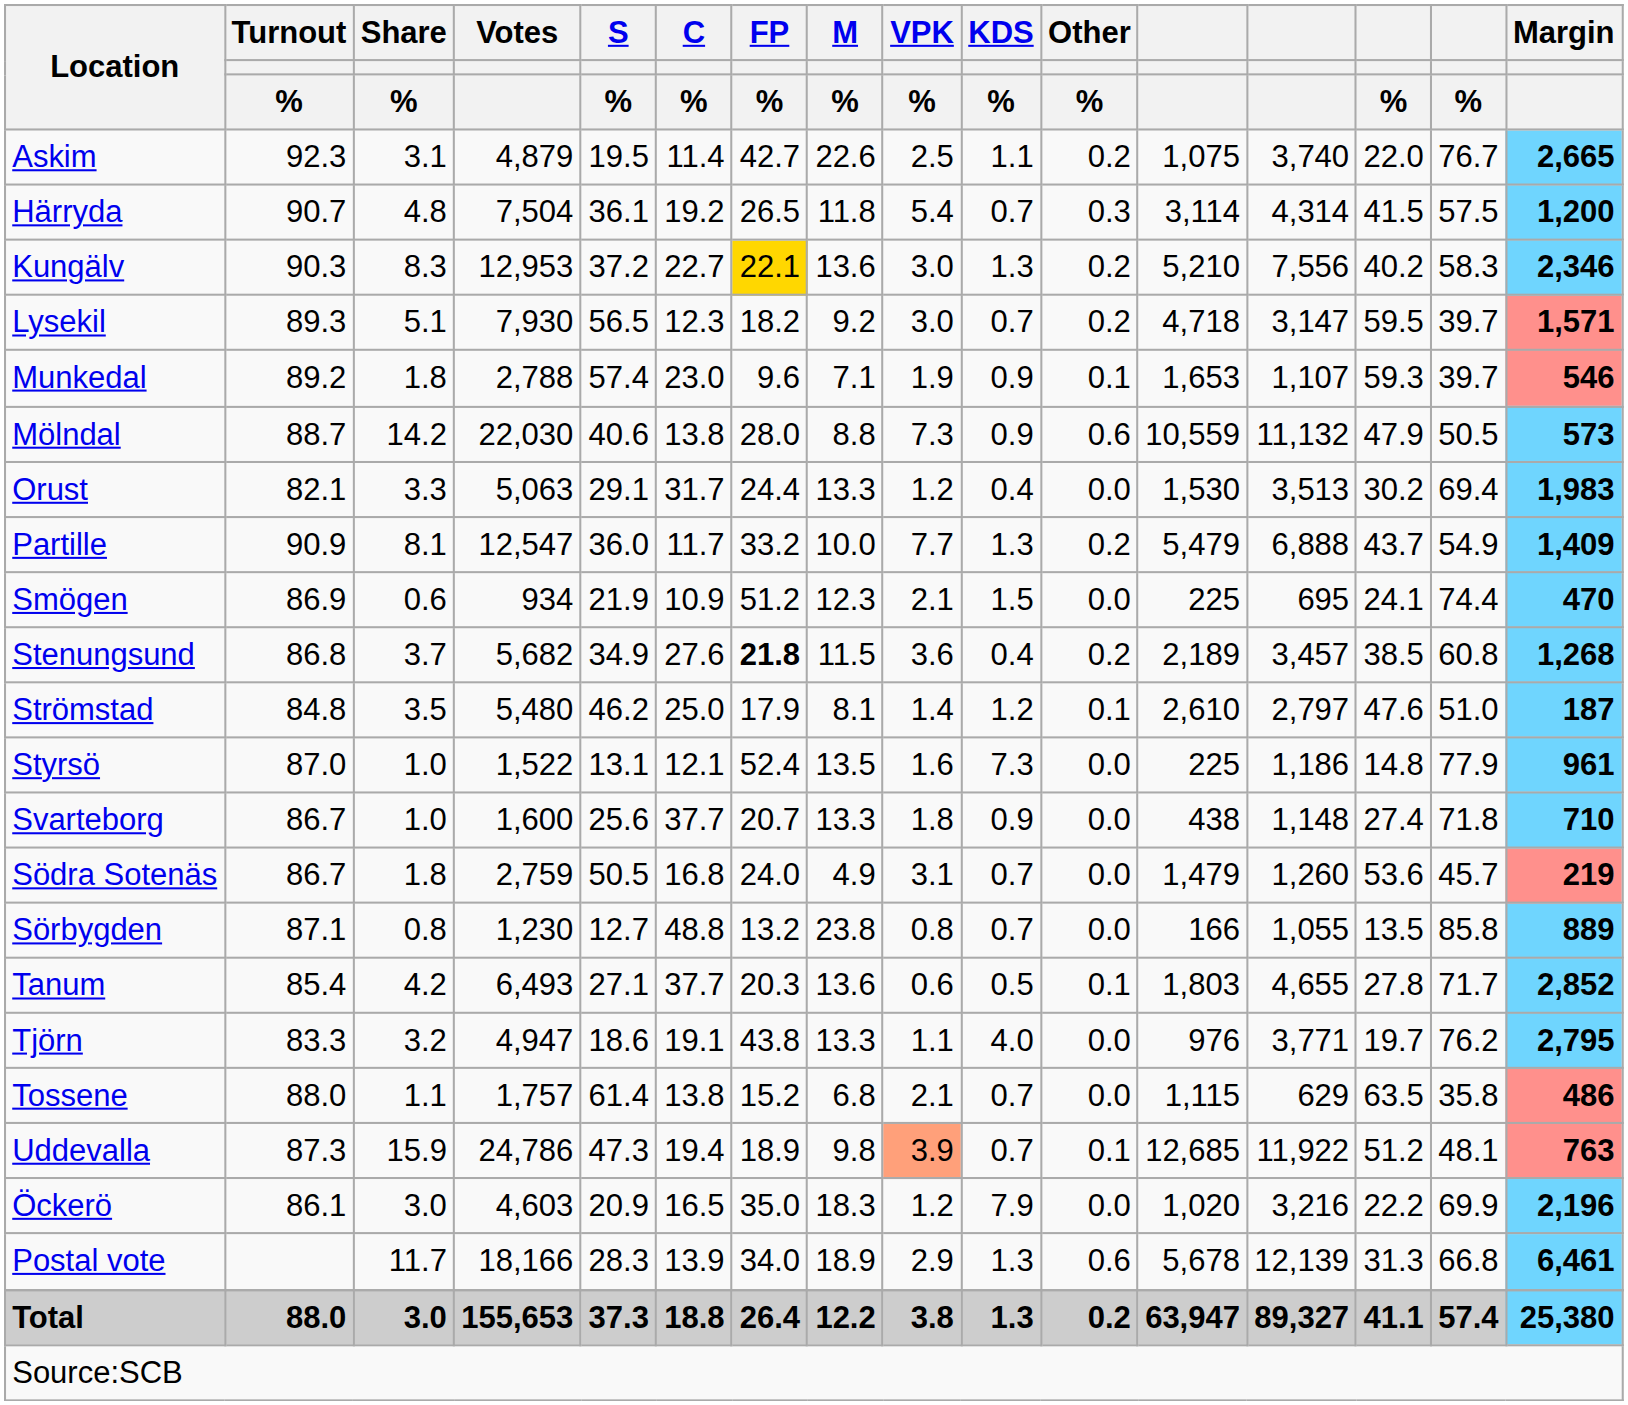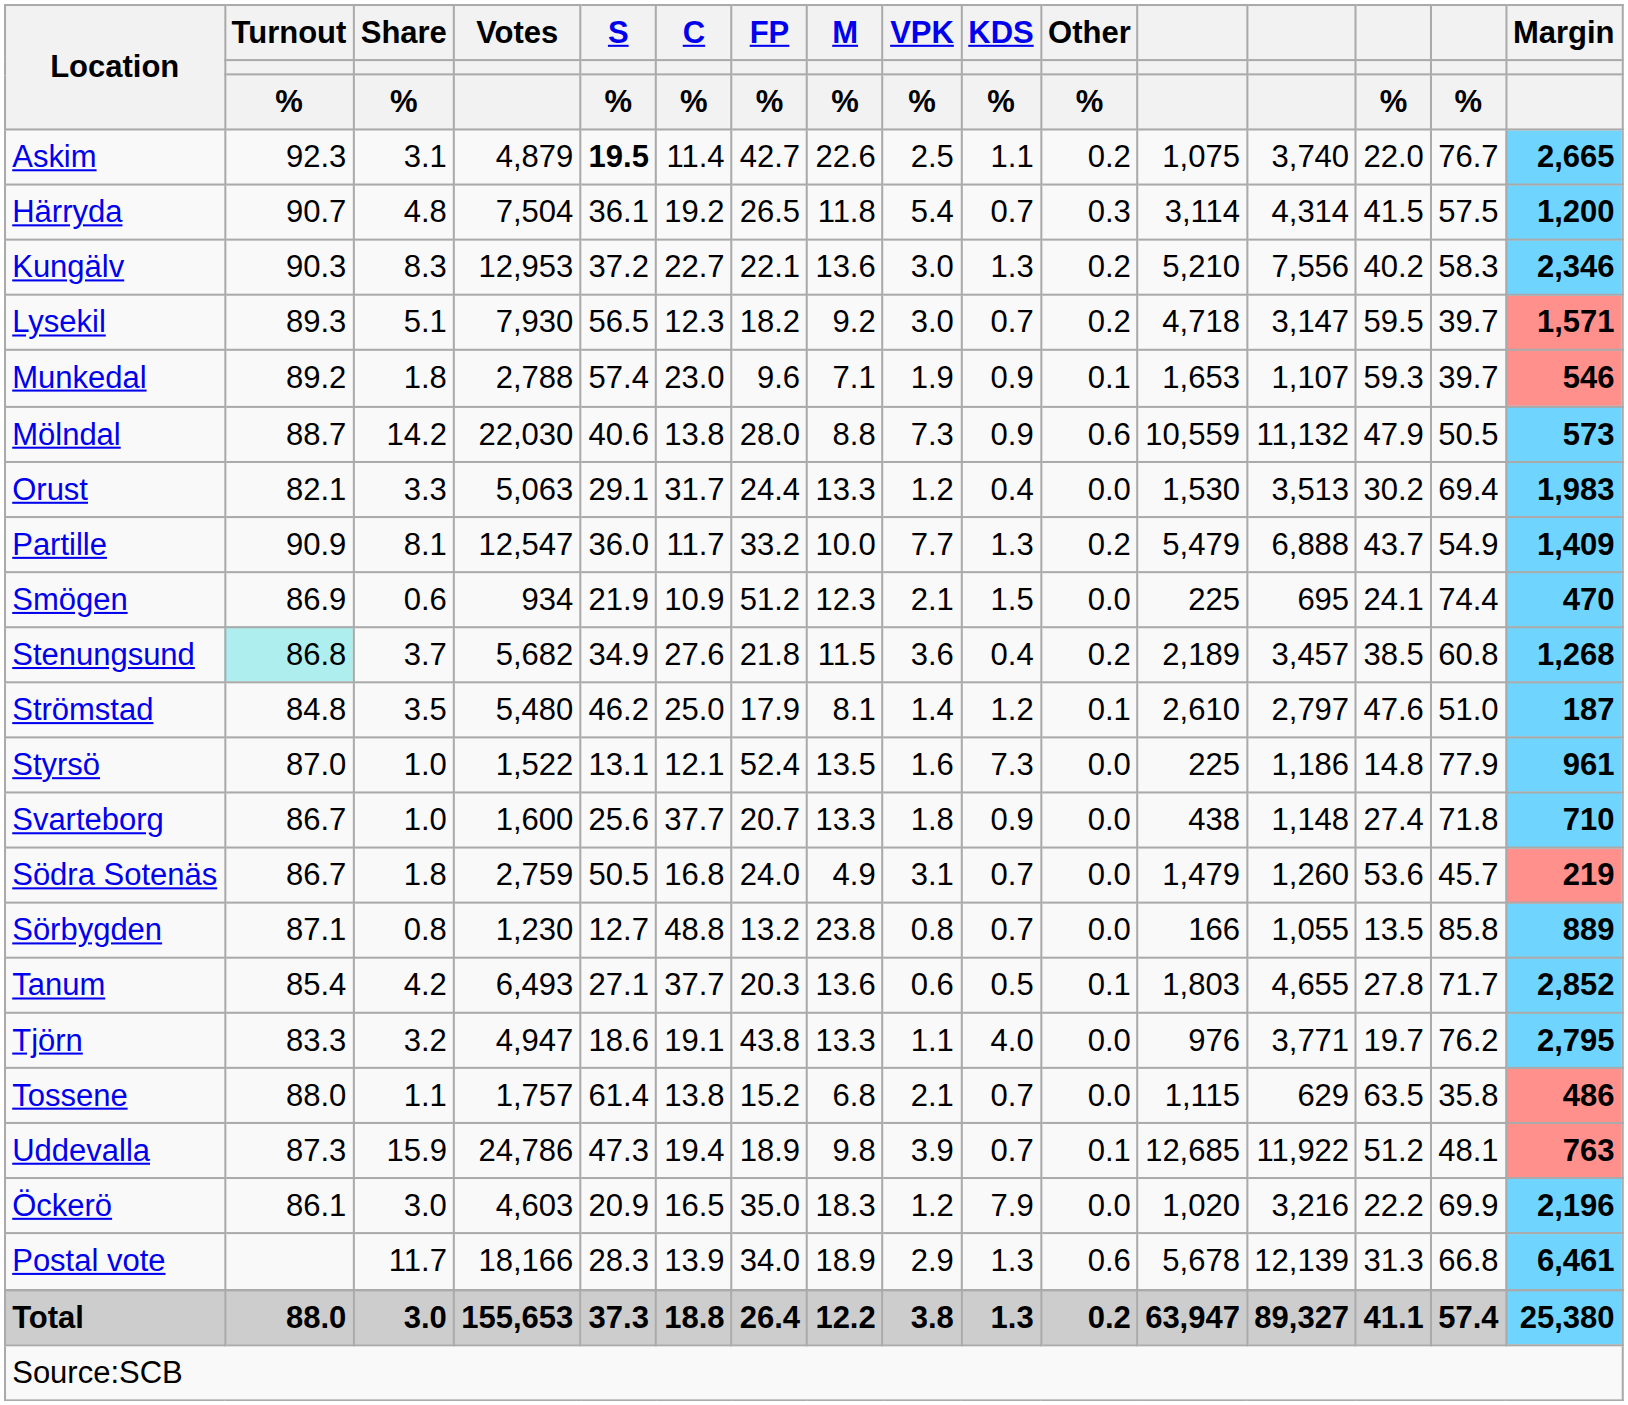 <table class="wikitable sortable" style="text-align:right; font-size:95%; line-height:20px;">
 <tr>
 <th rowspan="3">Location</th>
 <th>Turnout</th>
 <th>Share</th>
 <th>Votes</th>
 <th width="30px" class="unsortable"><a href='#'>S</a></th>
 <th width="30px" class="unsortable"><a href='#'>C</a></th>
 <th width="30px" class="unsortable"><a href='#'>FP</a></th>
 <th width="30px" class="unsortable"><a href='#'>M</a></th>
 <th width="30px" class="unsortable"><a href='#'>VPK</a></th>
 <th width="30px" class="unsortable"><a href='#'>KDS</a></th>
 <th width="30px" class="unsortable">Other</th>
 <th></th>
 <th></th>
 <th></th>
 <th></th>
 <th>Margin</th>
 </tr>
 <tr>
 <th></th>
 <th></th>
 <th></th>
 <th style="background:"></th>
 <th style="background:"></th>
 <th style="background:"></th>
 <th style="background:"></th>
 <th style="background:"></th>
 <th style="background:"></th>
 <th style="background:"></th>
 <th style="background:"></th>
 <th style="background:"></th>
 <th style="background:"></th>
 <th style="background:"></th>
 <th></th>
 </tr>
 <tr>
 <th data-sort-type="number">%</th>
 <th data-sort-type="number">%</th>
 <th></th>
 <th data-sort-type="number">%</th>
 <th data-sort-type="number">%</th>
 <th data-sort-type="number">%</th>
 <th data-sort-type="number">%</th>
 <th data-sort-type="number">%</th>
 <th data-sort-type="number">%</th>
 <th data-sort-type="number">%</th>
 <th data-sort-type="number"></th>
 <th data-sort-type="number"></th>
 <th data-sort-type="number">%</th>
 <th data-sort-type="number">%</th>
 <th data-sort-type="number"></th>
 </tr>
 <tr>
 <td align=left><a href='#'>Askim</a></td>
 <td>92.3</td>
 <td>3.1</td>
 <td>4,879</td>
-<td>19.5</td>
+<td><strong>19.5</strong></td>
 <td>11.4</td>
 <td>42.7</td>
 <td>22.6</td>
 <td>2.5</td>
 <td>1.1</td>
 <td>0.2</td>
 <td>1,075</td>
 <td>3,740</td>
 <td>22.0</td>
 <td>76.7</td>
 <td bgcolor=#6fd5fe><strong>2,665</strong></td>
 </tr>
 <tr>
 <td align=left><a href='#'>Härryda</a></td>
 <td>90.7</td>
 <td>4.8</td>
 <td>7,504</td>
 <td>36.1</td>
 <td>19.2</td>
 <td>26.5</td>
 <td>11.8</td>
 <td>5.4</td>
 <td>0.7</td>
 <td>0.3</td>
 <td>3,114</td>
 <td>4,314</td>
 <td>41.5</td>
 <td>57.5</td>
 <td bgcolor=#6fd5fe><strong>1,200</strong></td>
 </tr>
 <tr>
 <td align=left><a href='#'>Kungälv</a></td>
 <td>90.3</td>
 <td>8.3</td>
 <td>12,953</td>
 <td>37.2</td>
 <td>22.7</td>
-<td style="background: gold;">22.1</td>
+<td>22.1</td>
 <td>13.6</td>
 <td>3.0</td>
 <td>1.3</td>
 <td>0.2</td>
 <td>5,210</td>
 <td>7,556</td>
 <td>40.2</td>
 <td>58.3</td>
 <td bgcolor=#6fd5fe><strong>2,346</strong></td>
 </tr>
 <tr>
 <td align=left><a href='#'>Lysekil</a></td>
 <td>89.3</td>
 <td>5.1</td>
 <td>7,930</td>
 <td>56.5</td>
 <td>12.3</td>
 <td>18.2</td>
 <td>9.2</td>
 <td>3.0</td>
 <td>0.7</td>
 <td>0.2</td>
 <td>4,718</td>
 <td>3,147</td>
 <td>59.5</td>
 <td>39.7</td>
 <td bgcolor=#ff908c><strong>1,571</strong></td>
 </tr>
 <tr>
 <td align=left><a href='#'>Munkedal</a></td>
 <td>89.2</td>
 <td>1.8</td>
 <td>2,788</td>
 <td>57.4</td>
 <td>23.0</td>
 <td>9.6</td>
 <td>7.1</td>
 <td>1.9</td>
 <td>0.9</td>
 <td>0.1</td>
 <td>1,653</td>
 <td>1,107</td>
 <td>59.3</td>
 <td>39.7</td>
 <td bgcolor=#ff908c><strong>546</strong></td>
 </tr>
 <tr>
 <td align=left><a href='#'>Mölndal</a></td>
 <td>88.7</td>
 <td>14.2</td>
 <td>22,030</td>
 <td>40.6</td>
 <td>13.8</td>
 <td>28.0</td>
 <td>8.8</td>
 <td>7.3</td>
 <td>0.9</td>
 <td>0.6</td>
 <td>10,559</td>
 <td>11,132</td>
 <td>47.9</td>
 <td>50.5</td>
 <td bgcolor=#6fd5fe><strong>573</strong></td>
 </tr>
 <tr>
 <td align=left><a href='#'>Orust</a></td>
 <td>82.1</td>
 <td>3.3</td>
 <td>5,063</td>
 <td>29.1</td>
 <td>31.7</td>
 <td>24.4</td>
 <td>13.3</td>
 <td>1.2</td>
 <td>0.4</td>
 <td>0.0</td>
 <td>1,530</td>
 <td>3,513</td>
 <td>30.2</td>
 <td>69.4</td>
 <td bgcolor=#6fd5fe><strong>1,983</strong></td>
 </tr>
 <tr>
 <td align=left><a href='#'>Partille</a></td>
 <td>90.9</td>
 <td>8.1</td>
 <td>12,547</td>
 <td>36.0</td>
 <td>11.7</td>
 <td>33.2</td>
 <td>10.0</td>
 <td>7.7</td>
 <td>1.3</td>
 <td>0.2</td>
 <td>5,479</td>
 <td>6,888</td>
 <td>43.7</td>
 <td>54.9</td>
 <td bgcolor=#6fd5fe><strong>1,409</strong></td>
 </tr>
 <tr>
 <td align=left><a href='#'>Smögen</a></td>
 <td>86.9</td>
 <td>0.6</td>
 <td>934</td>
 <td>21.9</td>
 <td>10.9</td>
 <td>51.2</td>
 <td>12.3</td>
 <td>2.1</td>
 <td>1.5</td>
 <td>0.0</td>
 <td>225</td>
 <td>695</td>
 <td>24.1</td>
 <td>74.4</td>
 <td bgcolor=#6fd5fe><strong>470</strong></td>
 </tr>
 <tr>
 <td align=left><a href='#'>Stenungsund</a></td>
-<td>86.8</td>
+<td style="background: paleturquoise;">86.8</td>
 <td>3.7</td>
 <td>5,682</td>
 <td>34.9</td>
 <td>27.6</td>
-<td><strong>21.8</strong></td>
+<td>21.8</td>
 <td>11.5</td>
 <td>3.6</td>
 <td>0.4</td>
 <td>0.2</td>
 <td>2,189</td>
 <td>3,457</td>
 <td>38.5</td>
 <td>60.8</td>
 <td bgcolor=#6fd5fe><strong>1,268</strong></td>
 </tr>
 <tr>
 <td align=left><a href='#'>Strömstad</a></td>
 <td>84.8</td>
 <td>3.5</td>
 <td>5,480</td>
 <td>46.2</td>
 <td>25.0</td>
 <td>17.9</td>
 <td>8.1</td>
 <td>1.4</td>
 <td>1.2</td>
 <td>0.1</td>
 <td>2,610</td>
 <td>2,797</td>
 <td>47.6</td>
 <td>51.0</td>
 <td bgcolor=#6fd5fe><strong>187</strong></td>
 </tr>
 <tr>
 <td align=left><a href='#'>Styrsö</a></td>
 <td>87.0</td>
 <td>1.0</td>
 <td>1,522</td>
 <td>13.1</td>
 <td>12.1</td>
 <td>52.4</td>
 <td>13.5</td>
 <td>1.6</td>
 <td>7.3</td>
 <td>0.0</td>
 <td>225</td>
 <td>1,186</td>
 <td>14.8</td>
 <td>77.9</td>
 <td bgcolor=#6fd5fe><strong>961</strong></td>
 </tr>
 <tr>
 <td align=left><a href='#'>Svarteborg</a></td>
 <td>86.7</td>
 <td>1.0</td>
 <td>1,600</td>
 <td>25.6</td>
 <td>37.7</td>
 <td>20.7</td>
 <td>13.3</td>
 <td>1.8</td>
 <td>0.9</td>
 <td>0.0</td>
 <td>438</td>
 <td>1,148</td>
 <td>27.4</td>
 <td>71.8</td>
 <td bgcolor=#6fd5fe><strong>710</strong></td>
 </tr>
 <tr>
 <td align=left><a href='#'>Södra Sotenäs</a></td>
 <td>86.7</td>
 <td>1.8</td>
 <td>2,759</td>
 <td>50.5</td>
 <td>16.8</td>
 <td>24.0</td>
 <td>4.9</td>
 <td>3.1</td>
 <td>0.7</td>
 <td>0.0</td>
 <td>1,479</td>
 <td>1,260</td>
 <td>53.6</td>
 <td>45.7</td>
 <td bgcolor=#ff908c><strong>219</strong></td>
 </tr>
 <tr>
 <td align=left><a href='#'>Sörbygden</a></td>
 <td>87.1</td>
 <td>0.8</td>
 <td>1,230</td>
 <td>12.7</td>
 <td>48.8</td>
 <td>13.2</td>
 <td>23.8</td>
 <td>0.8</td>
 <td>0.7</td>
 <td>0.0</td>
 <td>166</td>
 <td>1,055</td>
 <td>13.5</td>
 <td>85.8</td>
 <td bgcolor=#6fd5fe><strong>889</strong></td>
 </tr>
 <tr>
 <td align=left><a href='#'>Tanum</a></td>
 <td>85.4</td>
 <td>4.2</td>
 <td>6,493</td>
 <td>27.1</td>
 <td>37.7</td>
 <td>20.3</td>
 <td>13.6</td>
 <td>0.6</td>
 <td>0.5</td>
 <td>0.1</td>
 <td>1,803</td>
 <td>4,655</td>
 <td>27.8</td>
 <td>71.7</td>
 <td bgcolor=#6fd5fe><strong>2,852</strong></td>
 </tr>
 <tr>
 <td align=left><a href='#'>Tjörn</a></td>
 <td>83.3</td>
 <td>3.2</td>
 <td>4,947</td>
 <td>18.6</td>
 <td>19.1</td>
 <td>43.8</td>
 <td>13.3</td>
 <td>1.1</td>
 <td>4.0</td>
 <td>0.0</td>
 <td>976</td>
 <td>3,771</td>
 <td>19.7</td>
 <td>76.2</td>
 <td bgcolor=#6fd5fe><strong>2,795</strong></td>
 </tr>
 <tr>
 <td align=left><a href='#'>Tossene</a></td>
 <td>88.0</td>
 <td>1.1</td>
 <td>1,757</td>
 <td>61.4</td>
 <td>13.8</td>
 <td>15.2</td>
 <td>6.8</td>
 <td>2.1</td>
 <td>0.7</td>
 <td>0.0</td>
 <td>1,115</td>
 <td>629</td>
 <td>63.5</td>
 <td>35.8</td>
 <td bgcolor=#ff908c><strong>486</strong></td>
 </tr>
 <tr>
 <td align=left><a href='#'>Uddevalla</a></td>
 <td>87.3</td>
 <td>15.9</td>
 <td>24,786</td>
 <td>47.3</td>
 <td>19.4</td>
 <td>18.9</td>
 <td>9.8</td>
-<td style="background: lightsalmon;">3.9</td>
+<td>3.9</td>
 <td>0.7</td>
 <td>0.1</td>
 <td>12,685</td>
 <td>11,922</td>
 <td>51.2</td>
 <td>48.1</td>
 <td bgcolor=#ff908c><strong>763</strong></td>
 </tr>
 <tr>
 <td align=left><a href='#'>Öckerö</a></td>
 <td>86.1</td>
 <td>3.0</td>
 <td>4,603</td>
 <td>20.9</td>
 <td>16.5</td>
 <td>35.0</td>
 <td>18.3</td>
 <td>1.2</td>
 <td>7.9</td>
 <td>0.0</td>
 <td>1,020</td>
 <td>3,216</td>
 <td>22.2</td>
 <td>69.9</td>
 <td bgcolor=#6fd5fe><strong>2,196</strong></td>
 </tr>
 <tr>
 <td align=left><a href='#'>Postal vote</a></td>
 <td></td>
 <td>11.7</td>
 <td>18,166</td>
 <td>28.3</td>
 <td>13.9</td>
 <td>34.0</td>
 <td>18.9</td>
 <td>2.9</td>
 <td>1.3</td>
 <td>0.6</td>
 <td>5,678</td>
 <td>12,139</td>
 <td>31.3</td>
 <td>66.8</td>
 <td bgcolor=#6fd5fe><strong>6,461</strong></td>
 </tr>
 <tr>
 </tr>
 <tr style="background:#CDCDCD;">
 <td align=left><strong>Total</strong></td>
 <td><strong>88.0</strong></td>
 <td><strong>3.0</strong></td>
 <td><strong>155,653</strong></td>
 <td><strong>37.3</strong></td>
 <td><strong>18.8</strong></td>
 <td><strong>26.4</strong></td>
 <td><strong>12.2</strong></td>
 <td><strong>3.8</strong></td>
 <td><strong>1.3</strong></td>
 <td><strong>0.2</strong></td>
 <td><strong>63,947</strong></td>
 <td><strong>89,327</strong></td>
 <td><strong>41.1</strong></td>
 <td><strong>57.4</strong></td>
 <td bgcolor=#6fd5fe><strong>25,380</strong></td>
 </tr>
 <tr>
 <td align=left colspan=16>Source:SCB </td>
 </tr>
 </table>
